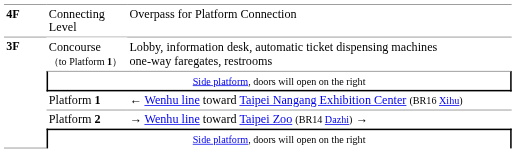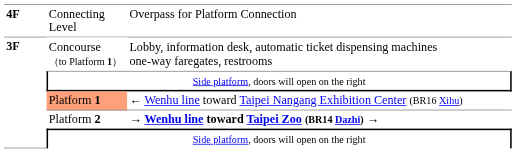 <table table border=0 cellspacing=0 cellpadding=3>
 <tr>
 <td style="border-bottom:solid 1px gray;border-top:solid 1px gray;" width=50 valign=top><strong>4F</strong></td>
 <td style="border-top:solid 1px gray;border-bottom:solid 1px gray;" width=100 valign=top>Connecting Level</td>
 <td style="border-top:solid 1px gray;border-bottom:solid 1px gray;" width=500 valign=top>Overpass for Platform Connection</td>
 </tr>
 <tr>
 <td style="border-bottom:solid 1px gray;" width=50 rowspan=10 valign=top><strong>3F</strong></td>
 </tr>
 <tr>
 <td style="border-top:solid 1px white;" rowspan=2 valign=top>Concourse<br><small>（to Platform <span><strong>1</strong></span>）</small></td>
 </tr>
 <tr>
 <td>Lobby, information desk, automatic ticket dispensing machines<br>one-way faregates, restrooms</td>
 </tr>
 <tr>
 <td style="border-right:solid 2px black;border-left:solid 2px black;border-bottom:solid 2px black;border-top:solid 1px gray;text-align:center;" colspan=2><small><a href='#'>Side platform</a>, doors will open on the right</small></td>
 </tr>
 <tr>
-<td style="border-bottom:solid 1px gray;" width=100>Platform <span><strong>1</strong></span></td>
+<td style="background: lightsalmon; border-bottom:solid 1px gray;" width=100>Platform <span><strong>1</strong></span></td>
 <td style="border-bottom:solid 1px gray;" width=390>←  <a href='#'>Wenhu line</a> toward <a href='#'>Taipei Nangang Exhibition Center</a> <small>(BR16 <a href='#'>Xihu</a>)</small></td>
 </tr>
 <tr>
 <td>Platform <span><strong>2</strong></span></td>
-<td><span>→</span>  <a href='#'>Wenhu line</a> toward <a href='#'>Taipei Zoo</a> <small>(BR14 <a href='#'>Dazhi</a>)</small> →</td>
+<td><strong><span>→</span>  <a href='#'>Wenhu line</a> toward <a href='#'>Taipei Zoo</a> <small>(BR14 <a href='#'>Dazhi</a>)</small> →</strong></td>
 </tr>
 <tr>
 <td style="border-top:solid 2px black;border-right:solid 2px black;border-left:solid 2px black;border-bottom:solid 0px gray;text-align:center;" colspan=2><small><a href='#'>Side platform</a>, doors will open on the right</small></td>
 </tr>
 </table>
